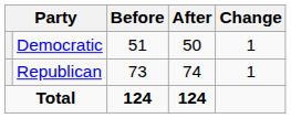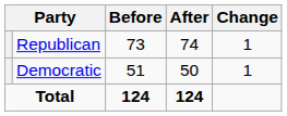 <table class="wikitable" style="text-align:center;">
 <tr>
 <th colspan="2">Party</th>
 <th>Before</th>
 <th>After</th>
 <th>Change</th>
 </tr>
 <tr>
 <th style="background-color:"></th>
-<td style="text-align:left;"><a href='#'>Democratic</a></td>
-<td>51</td>
-<td>50</td>
+<td style="text-align:left;"><a href='#'>Republican</a></td>
+<td>73</td>
+<td>74</td>
 <td> 1</td>
 </tr>
 <tr>
 <th style="background-color:"></th>
-<td style="text-align:left;"><a href='#'>Republican</a></td>
-<td>73</td>
-<td>74</td>
+<td style="text-align:left;"><a href='#'>Democratic</a></td>
+<td>51</td>
+<td>50</td>
 <td> 1</td>
 </tr>
 <tr>
 <td colspan="2"><strong>Total</strong></td>
 <td><strong>124</strong></td>
 <td><strong>124</strong></td>
 <td></td>
 </tr>
 </table>
